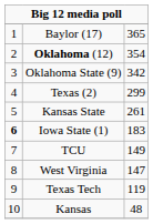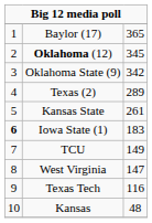 <table class="wikitable" style="display: inline-table;">
 <tr>
 <td align="center" Colspan="3"><strong>Big 12 media poll</strong></td>
 </tr>
 <tr align="center">
 </tr>
 <tr align="center">
 <td>1</td>
 <td>Baylor (17)</td>
 <td>365</td>
 </tr>
 <tr align="center">
 <td>2</td>
 <td><strong>Oklahoma</strong> (12)</td>
-<td>354</td>
+<td>345</td>
 </tr>
 <tr align="center">
 <td>3</td>
 <td>Oklahoma State (9)</td>
 <td>342</td>
 </tr>
 <tr align="center">
 <td>4</td>
 <td>Texas (2)</td>
-<td>299</td>
+<td>289</td>
 </tr>
 <tr align="center">
 <td>5</td>
 <td>Kansas State</td>
 <td>261</td>
 </tr>
 <tr align="center">
 <td><strong>6</strong></td>
 <td>Iowa State (1)</td>
 <td>183</td>
 </tr>
 <tr align="center">
 <td>7</td>
 <td>TCU</td>
 <td>149</td>
 </tr>
 <tr align="center">
 <td>8</td>
 <td>West Virginia</td>
 <td>147</td>
 </tr>
 <tr align="center">
 <td>9</td>
 <td>Texas Tech</td>
-<td>119</td>
+<td>116</td>
 </tr>
 <tr align="center">
 <td>10</td>
 <td>Kansas</td>
 <td>48</td>
 </tr>
 <tr>
 </tr>
 </table>
